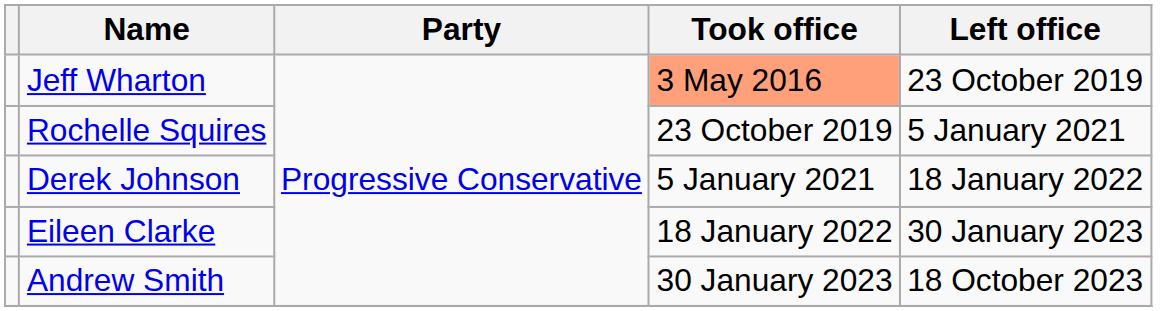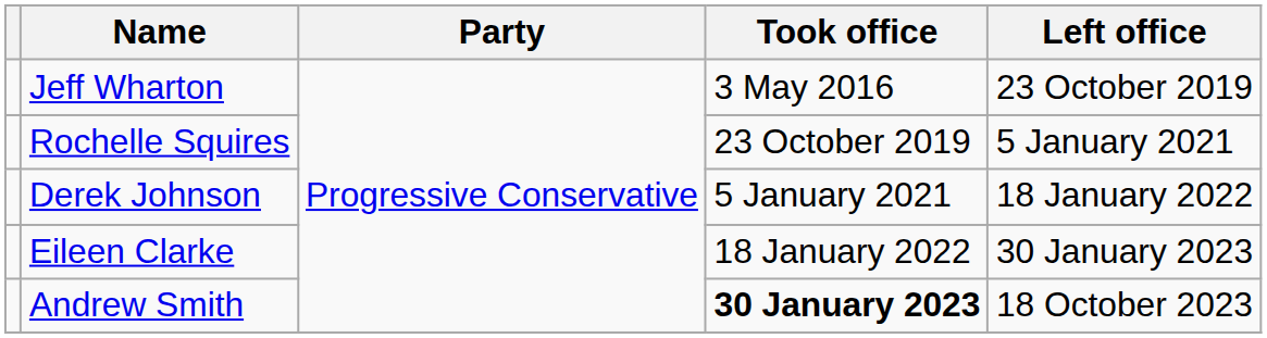 <table class="wikitable">
 <tr>
 <th></th>
 <th>Name</th>
 <th>Party</th>
 <th>Took office</th>
 <th>Left office</th>
 </tr>
 <tr>
 <td></td>
 <td><a href='#'>Jeff Wharton</a></td>
 <td rowspan="5"><a href='#'>Progressive Conservative</a></td>
-<td style="background: lightsalmon;">3 May 2016</td>
+<td>3 May 2016</td>
 <td>23 October 2019</td>
 </tr>
 <tr>
 <td></td>
 <td><a href='#'>Rochelle Squires</a></td>
 <td>23 October 2019</td>
 <td>5 January 2021</td>
 </tr>
 <tr>
 <td></td>
 <td><a href='#'>Derek Johnson</a></td>
 <td>5 January 2021</td>
 <td>18 January 2022</td>
 </tr>
 <tr>
 <td></td>
 <td><a href='#'>Eileen Clarke</a></td>
 <td>18 January 2022</td>
 <td>30 January 2023</td>
 </tr>
 <tr>
 <td></td>
 <td><a href='#'>Andrew Smith</a></td>
-<td>30 January 2023</td>
+<td><strong>30 January 2023</strong></td>
 <td>18 October 2023</td>
 </tr>
 <tr>
 </tr>
 </table>
